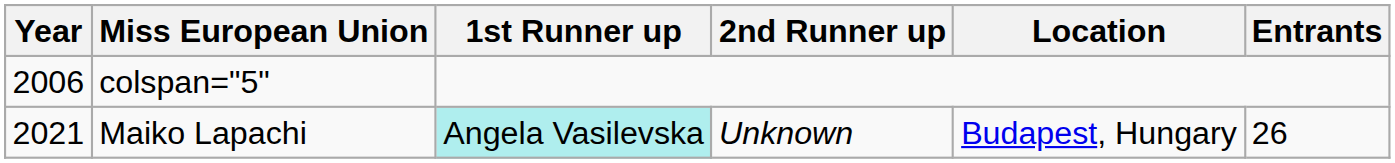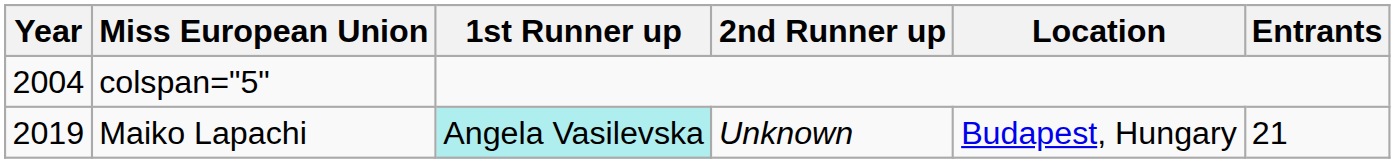 <table class="wikitable" style="font-size: 95%;">
 <tr>
 <th>Year</th>
 <th>Miss European Union</th>
 <th>1st Runner up</th>
 <th>2nd Runner up</th>
 <th>Location</th>
 <th>Entrants</th>
 </tr>
 <tr>
-<td>2006</td>
+<td>2004</td>
 <td>colspan="5" </td>
 </tr>
 <tr>
-<td>2021</td>
+<td>2019</td>
 <td>Maiko Lapachi<br></td>
 <td style="background: paleturquoise;">Angela Vasilevska<br></td>
 <td><em>Unknown</em><br></td>
 <td><a href='#'>Budapest</a>, Hungary</td>
-<td>26</td>
+<td>21</td>
 </tr>
 </table>
